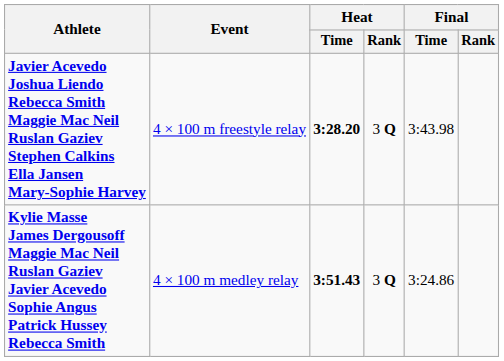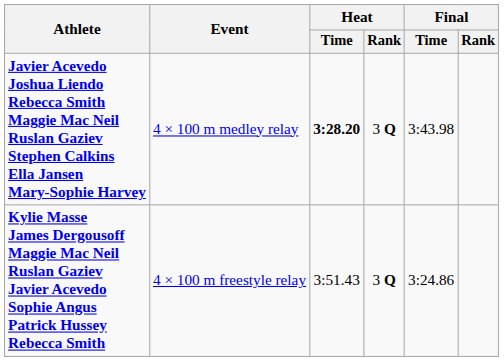 <table class=wikitable style=font-size:90%>
 <tr>
 <th rowspan=2>Athlete</th>
 <th rowspan=2>Event</th>
 <th colspan=2>Heat</th>
 <th colspan=2>Final</th>
 </tr>
 <tr style=font-size:95%>
 <th>Time</th>
 <th>Rank</th>
 <th>Time</th>
 <th>Rank</th>
 </tr>
 <tr align=center>
 <td align=left><strong><a href='#'>Javier Acevedo</a><br><a href='#'>Joshua Liendo</a><br><a href='#'>Rebecca Smith</a><br><a href='#'>Maggie Mac Neil</a><br><a href='#'>Ruslan Gaziev</a><br><a href='#'>Stephen Calkins</a><br><a href='#'>Ella Jansen</a><br><a href='#'>Mary-Sophie Harvey</a></strong></td>
-<td align=left><a href='#'>4 × 100 m freestyle relay</a></td>
+<td align=left><a href='#'>4 × 100 m medley relay</a></td>
 <td><strong>3:28.20</strong></td>
 <td>3 <strong>Q</strong></td>
 <td>3:43.98</td>
 <td></td>
 </tr>
 <tr align=center>
 <td align=left><strong><a href='#'>Kylie Masse</a><br><a href='#'>James Dergousoff</a><br><a href='#'>Maggie Mac Neil</a><br><a href='#'>Ruslan Gaziev</a><br><a href='#'>Javier Acevedo</a><br><a href='#'>Sophie Angus</a><br><a href='#'>Patrick Hussey</a><br><a href='#'>Rebecca Smith</a></strong></td>
-<td align=left><a href='#'>4 × 100 m medley relay</a></td>
-<td><strong>3:51.43</strong></td>
+<td align=left><a href='#'>4 × 100 m freestyle relay</a></td>
+<td>3:51.43</td>
 <td>3 <strong>Q</strong></td>
 <td>3:24.86</td>
 <td></td>
 </tr>
 </table>
